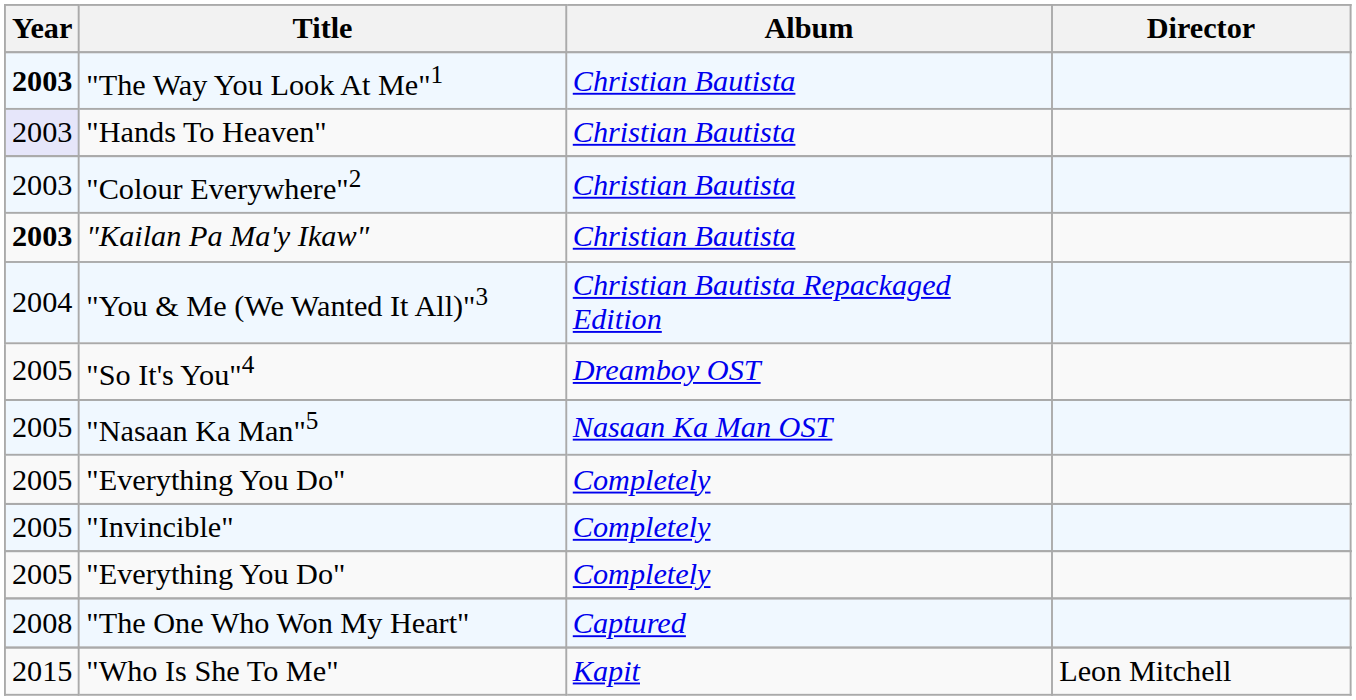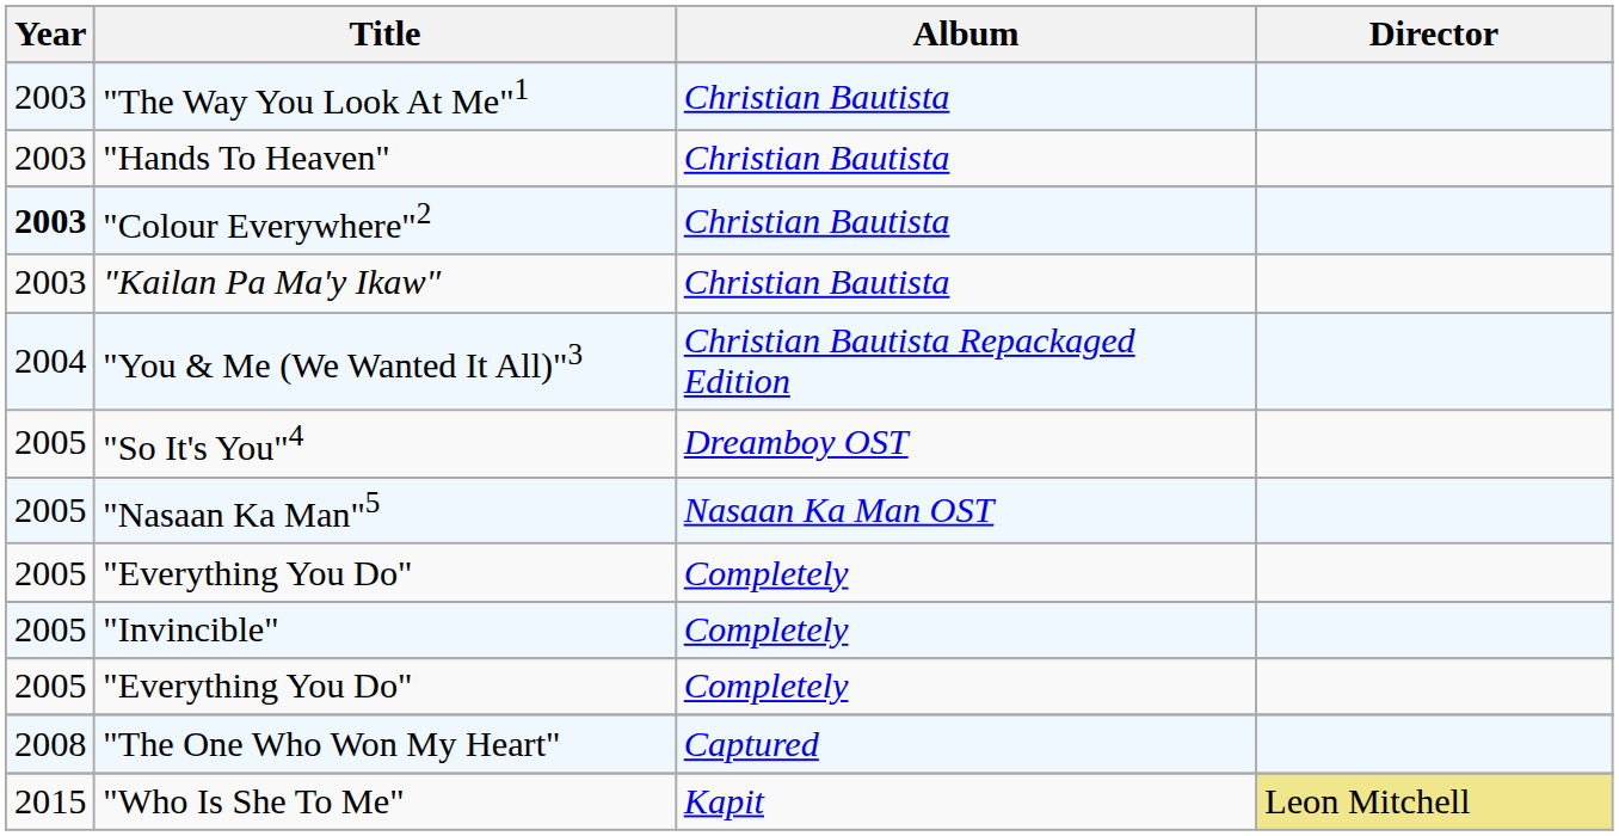 <table class="wikitable"|width=100%>
 <tr bgcolor="#CdCCCC">
 <th align="center" valign="top" width="30">Year</th>
 <th align="center" valign="top" width="250">Title</th>
 <th align="center" valign="top" width="250">Album</th>
 <th align="center" valign="top" width="150">Director</th>
 </tr>
 <tr>
 </tr>
 <tr ---- bgcolor="#F0F8FF">
-<td><strong>2003</strong></td>
+<td>2003</td>
 <td>"The Way You Look At Me"<sup>1</sup></td>
 <td><em><a href='#'>Christian Bautista</a></em></td>
 <td></td>
 </tr>
 <tr>
-<td style="background: lavender;">2003</td>
+<td>2003</td>
 <td>"Hands To Heaven"</td>
 <td><em><a href='#'>Christian Bautista</a></em></td>
 <td></td>
 </tr>
 <tr>
 </tr>
 <tr ---- bgcolor="#F0F8FF">
-<td>2003</td>
+<td><strong>2003</strong></td>
 <td>"Colour Everywhere"<sup>2</sup></td>
 <td><em><a href='#'>Christian Bautista</a></em></td>
 <td></td>
 </tr>
 <tr>
-<td><strong>2003</strong></td>
+<td>2003</td>
 <td><em>"Kailan Pa Ma'y Ikaw"</em></td>
 <td><em><a href='#'>Christian Bautista</a></em></td>
 <td></td>
 </tr>
 <tr ---- bgcolor="#F0F8FF">
 <td>2004</td>
 <td>"You & Me (We Wanted It All)"<sup>3</sup></td>
 <td><em><a href='#'>Christian Bautista Repackaged Edition</a></em></td>
 <td></td>
 </tr>
 <tr>
 <td>2005</td>
 <td>"So It's You"<sup>4</sup></td>
 <td><em><a href='#'>Dreamboy OST</a></em></td>
 <td></td>
 </tr>
 <tr>
 </tr>
 <tr ---- bgcolor="#F0F8FF">
 <td>2005</td>
 <td>"Nasaan Ka Man"<sup>5</sup></td>
 <td><em><a href='#'>Nasaan Ka Man OST</a></em></td>
 <td></td>
 </tr>
 <tr>
 <td>2005</td>
 <td>"Everything You Do"</td>
 <td><em><a href='#'>Completely</a></em></td>
 <td></td>
 </tr>
 <tr>
 </tr>
 <tr ---- bgcolor="#F0F8FF">
 <td>2005</td>
 <td>"Invincible"</td>
 <td><em><a href='#'>Completely</a></em></td>
 <td></td>
 </tr>
 <tr>
 </tr>
 <tr>
 <td>2005</td>
 <td>"Everything You Do"</td>
 <td><em><a href='#'>Completely</a></em></td>
 <td></td>
 </tr>
 <tr>
 </tr>
 <tr ---- bgcolor="#F0F8FF">
 <td>2008</td>
 <td>"The One Who Won My Heart"</td>
 <td><em><a href='#'>Captured</a></em></td>
 <td></td>
 </tr>
 <tr>
 </tr>
 <tr>
 <td>2015</td>
 <td>"Who Is She To Me"</td>
 <td><em><a href='#'>Kapit</a></em></td>
-<td>Leon Mitchell</td>
+<td style="background: khaki;">Leon Mitchell</td>
 </tr>
 </table>
